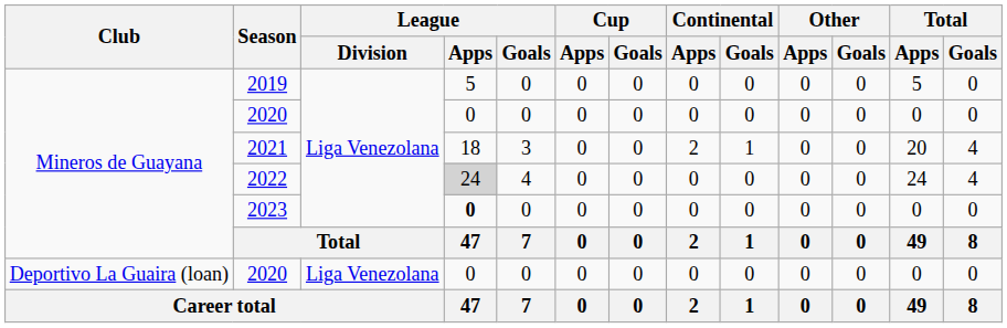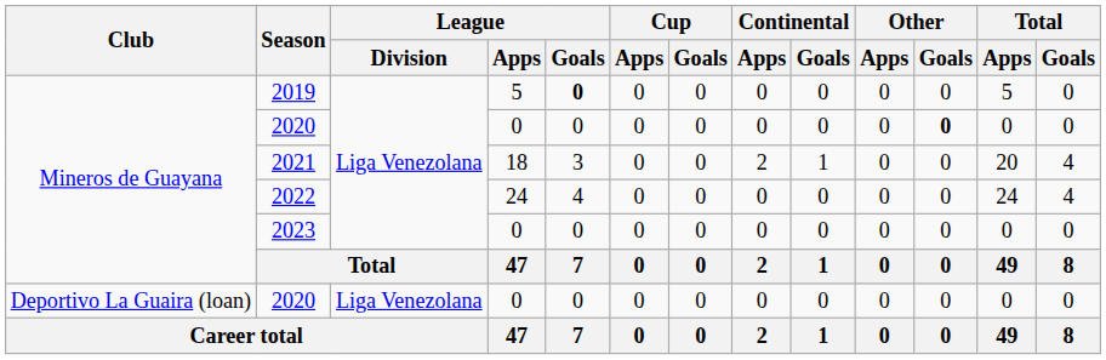 <table class="wikitable" style="text-align:center">
 <tr>
 <th rowspan="2">Club</th>
 <th rowspan="2">Season</th>
 <th colspan="3">League</th>
 <th colspan="2">Cup</th>
 <th colspan="2">Continental</th>
 <th colspan="2">Other</th>
 <th colspan="2">Total</th>
 </tr>
 <tr>
 <th>Division</th>
 <th>Apps</th>
 <th>Goals</th>
 <th>Apps</th>
 <th>Goals</th>
 <th>Apps</th>
 <th>Goals</th>
 <th>Apps</th>
 <th>Goals</th>
 <th>Apps</th>
 <th>Goals</th>
 </tr>
 <tr>
 <td rowspan="6"><a href='#'>Mineros de Guayana</a></td>
 <td><a href='#'>2019</a></td>
 <td rowspan="5"><a href='#'>Liga Venezolana</a></td>
 <td>5</td>
-<td>0</td>
+<td><strong>0</strong></td>
 <td>0</td>
 <td>0</td>
 <td>0</td>
 <td>0</td>
 <td>0</td>
 <td>0</td>
 <td>5</td>
 <td>0</td>
 </tr>
 <tr>
 <td><a href='#'>2020</a></td>
 <td>0</td>
 <td>0</td>
 <td>0</td>
 <td>0</td>
 <td>0</td>
 <td>0</td>
 <td>0</td>
-<td>0</td>
+<td><strong>0</strong></td>
 <td>0</td>
 <td>0</td>
 </tr>
 <tr>
 <td><a href='#'>2021</a></td>
 <td>18</td>
 <td>3</td>
 <td>0</td>
 <td>0</td>
 <td>2</td>
 <td>1</td>
 <td>0</td>
 <td>0</td>
 <td>20</td>
 <td>4</td>
 </tr>
 <tr>
 <td><a href='#'>2022</a></td>
-<td style="background: lightgrey;">24</td>
+<td>24</td>
 <td>4</td>
 <td>0</td>
 <td>0</td>
 <td>0</td>
 <td>0</td>
 <td>0</td>
 <td>0</td>
 <td>24</td>
 <td>4</td>
 </tr>
 <tr>
 <td><a href='#'>2023</a></td>
-<td><strong>0</strong></td>
+<td>0</td>
 <td>0</td>
 <td>0</td>
 <td>0</td>
 <td>0</td>
 <td>0</td>
 <td>0</td>
 <td>0</td>
 <td>0</td>
 <td>0</td>
 </tr>
 <tr>
 <th colspan="2">Total</th>
 <th>47</th>
 <th>7</th>
 <th>0</th>
 <th>0</th>
 <th>2</th>
 <th>1</th>
 <th>0</th>
 <th>0</th>
 <th>49</th>
 <th>8</th>
 </tr>
 <tr>
 <td><a href='#'>Deportivo La Guaira</a> (loan)</td>
 <td><a href='#'>2020</a></td>
 <td><a href='#'>Liga Venezolana</a></td>
 <td>0</td>
 <td>0</td>
 <td>0</td>
 <td>0</td>
 <td>0</td>
 <td>0</td>
 <td>0</td>
 <td>0</td>
 <td>0</td>
 <td>0</td>
 </tr>
 <tr>
 <th colspan="3">Career total</th>
 <th>47</th>
 <th>7</th>
 <th>0</th>
 <th>0</th>
 <th>2</th>
 <th>1</th>
 <th>0</th>
 <th>0</th>
 <th>49</th>
 <th>8</th>
 </tr>
 </table>
